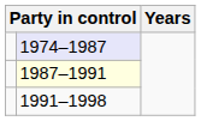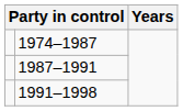 <table class="wikitable">
 <tr>
 <th colspan="2">Party in control</th>
 <th>Years</th>
 </tr>
 <tr>
 <td></td>
-<td style="background: lavender;">1974–1987</td>
+<td>1974–1987</td>
 </tr>
 <tr>
 <td></td>
-<td style="background: lightyellow;">1987–1991</td>
+<td>1987–1991</td>
 </tr>
 <tr>
 <td></td>
 <td>1991–1998</td>
 </tr>
 </table>
